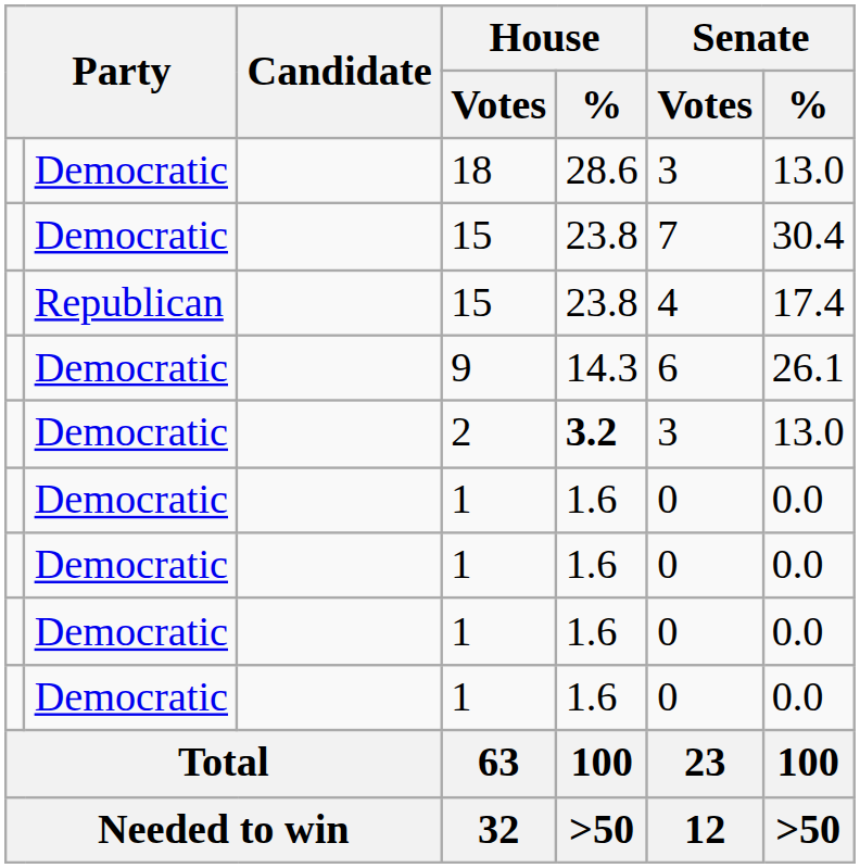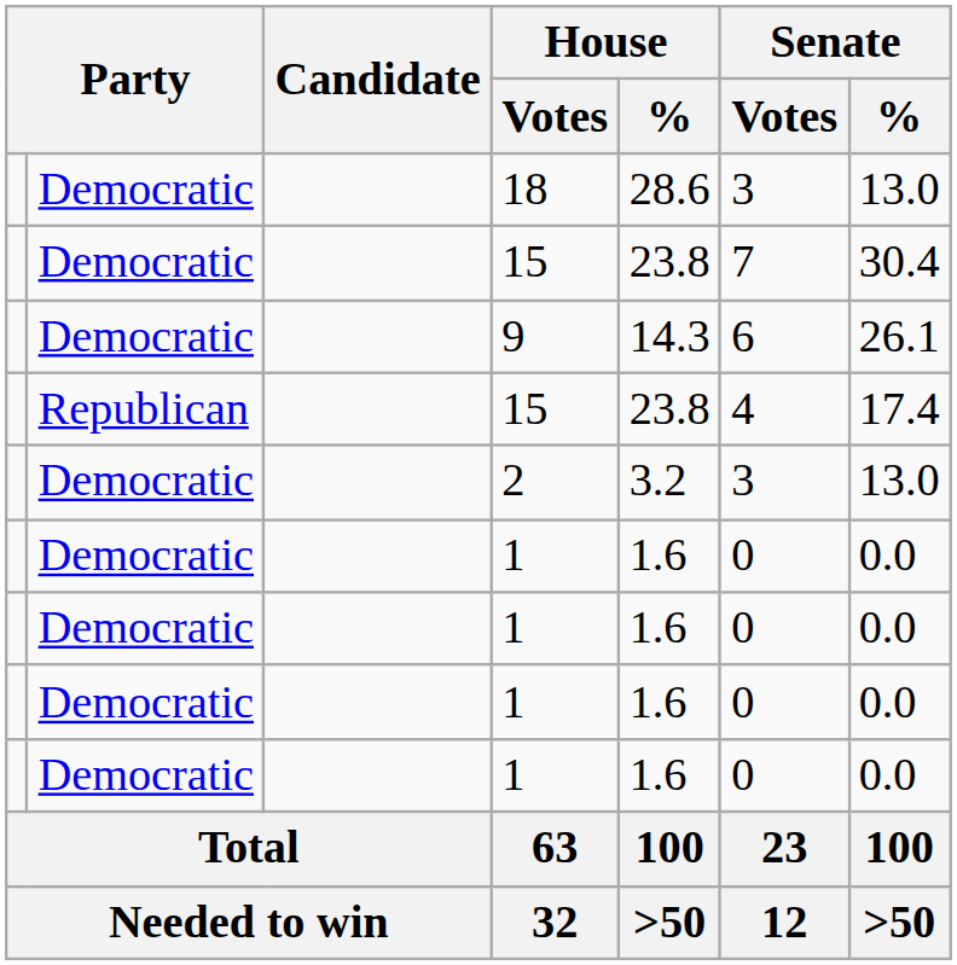 <table class="wikitable sortable">
 <tr>
 <th colspan="2" rowspan="2">Party</th>
 <th rowspan="2">Candidate</th>
 <th colspan="2">House</th>
 <th colspan="2">Senate</th>
 </tr>
 <tr>
 <th>Votes</th>
 <th>%</th>
 <th>Votes</th>
 <th>%</th>
 </tr>
 <tr>
 <td style="background-color:"></td>
 <td><a href='#'>Democratic</a></td>
 <td></td>
 <td>18</td>
 <td>28.6</td>
 <td>3</td>
 <td>13.0</td>
 </tr>
 <tr>
 <td style="background-color:"></td>
 <td><a href='#'>Democratic</a></td>
 <td></td>
 <td>15</td>
 <td>23.8</td>
 <td>7</td>
 <td>30.4</td>
 </tr>
 <tr>
 <td style="background-color:"></td>
+<td><a href='#'>Democratic</a></td>
+<td></td>
+<td>9</td>
+<td>14.3</td>
+<td>6</td>
+<td>26.1</td>
+</tr>
+<tr>
+<td style="background-color:"></td>
 <td><a href='#'>Republican</a></td>
 <td></td>
 <td>15</td>
 <td>23.8</td>
 <td>4</td>
 <td>17.4</td>
 </tr>
 <tr>
 <td style="background-color:"></td>
 <td><a href='#'>Democratic</a></td>
 <td></td>
-<td>9</td>
-<td>14.3</td>
-<td>6</td>
-<td>26.1</td>
-</tr>
-<tr>
-<td style="background-color:"></td>
-<td><a href='#'>Democratic</a></td>
-<td></td>
 <td>2</td>
-<td><strong>3.2</strong></td>
+<td>3.2</td>
 <td>3</td>
 <td>13.0</td>
 </tr>
 <tr>
 <td style="background-color:"></td>
 <td><a href='#'>Democratic</a></td>
 <td></td>
 <td>1</td>
 <td>1.6</td>
 <td>0</td>
 <td>0.0</td>
 </tr>
 <tr>
 <td style="background-color:"></td>
 <td><a href='#'>Democratic</a></td>
 <td></td>
 <td>1</td>
 <td>1.6</td>
 <td>0</td>
 <td>0.0</td>
 </tr>
 <tr>
 <td style="background-color:"></td>
 <td><a href='#'>Democratic</a></td>
 <td></td>
 <td>1</td>
 <td>1.6</td>
 <td>0</td>
 <td>0.0</td>
 </tr>
 <tr>
 <td style="background-color:"></td>
 <td><a href='#'>Democratic</a></td>
 <td></td>
 <td>1</td>
 <td>1.6</td>
 <td>0</td>
 <td>0.0</td>
 </tr>
 <tr>
 <th colspan="3">Total</th>
 <th>63</th>
 <th>100</th>
 <th>23</th>
 <th>100</th>
 </tr>
 <tr>
 <th colspan="3">Needed to win</th>
 <th>32</th>
 <th>>50</th>
 <th>12</th>
 <th>>50</th>
 </tr>
 </table>
